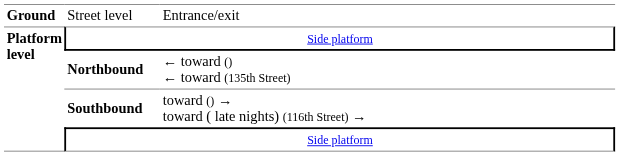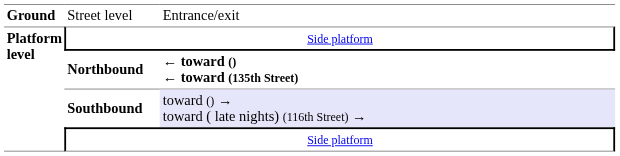 <table table border=0 cellspacing=0 cellpadding=3>
 <tr>
 <td style="border-top:solid 1px gray;" width=50><strong>Ground</strong></td>
 <td style="border-top:solid 1px gray;" width=100>Street level</td>
 <td style="border-top:solid 1px gray;" width=500>Entrance/exit</td>
 </tr>
 <tr>
 <td style="border-top:solid 1px gray;border-bottom:solid 1px gray;" rowspan=4 valign=top><strong>Platform level</strong></td>
 <td style="border-top:solid 1px gray;border-right:solid 2px black;border-left:solid 2px black;border-bottom:solid 2px black;text-align:center;" colspan=2><small><a href='#'>Side platform</a></small></td>
 </tr>
 <tr>
 <td style="border-bottom:solid 1px gray;"><span><strong>Northbound</strong></span></td>
-<td style="border-bottom:solid 1px gray;">←  toward  <small>()</small><br>←  toward  <small>(135th Street)</small></td>
+<td style="border-bottom:solid 1px gray;"><strong>←  toward  <small>()</small><br>←  toward  <small>(135th Street)</small></strong></td>
 </tr>
 <tr>
 <td><span><strong>Southbound</strong></span></td>
-<td>  toward  <small>()</small> →<br>  toward  ( late nights) <small>(116th Street)</small> →</td>
+<td style="background: lavender;">  toward  <small>()</small> →<br>  toward  ( late nights) <small>(116th Street)</small> →</td>
 </tr>
 <tr>
 <td style="border-bottom:solid 1px gray;border-top:solid 2px black;border-right:solid 2px black;border-left:solid 2px black;text-align:center;" colspan=2><small><a href='#'>Side platform</a></small></td>
 </tr>
 </table>
